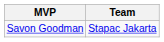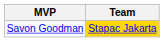 <table class="wikitable">
 <tr>
 <th>MVP</th>
 <th>Team</th>
 </tr>
 <tr>
 <td><a href='#'>Savon Goodman</a></td>
-<td><a href='#'>Stapac Jakarta</a></td>
+<td style="background: gold;"><a href='#'>Stapac Jakarta</a></td>
 </tr>
 </table>
